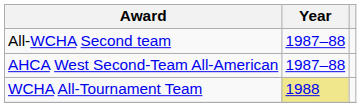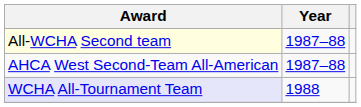 <table class="wikitable">
 <tr>
 <th>Award</th>
 <th>Year</th>
 <th></th>
 </tr>
 <tr>
-<td>All-<a href='#'>WCHA</a> <a href='#'>Second team</a></td>
+<td style="background: lightyellow;">All-<a href='#'>WCHA</a> <a href='#'>Second team</a></td>
 <td><a href='#'>1987–88</a></td>
 <td></td>
 </tr>
 <tr>
 <td><a href='#'>AHCA</a> <a href='#'>West Second-Team All-American</a></td>
 <td><a href='#'>1987–88</a></td>
 <td></td>
 </tr>
 <tr>
-<td><a href='#'>WCHA</a> <a href='#'>All-Tournament Team</a></td>
-<td style="background: khaki;"><a href='#'>1988</a></td>
+<td style="background: lavender;"><a href='#'>WCHA</a> <a href='#'>All-Tournament Team</a></td>
+<td><a href='#'>1988</a></td>
 <td></td>
 </tr>
 <tr>
 </tr>
 </table>
